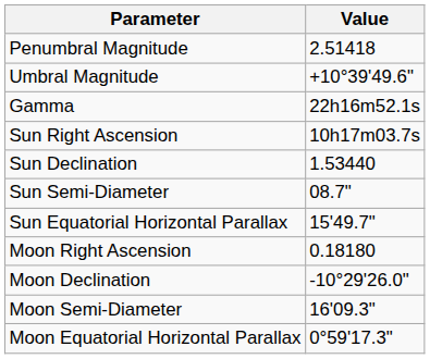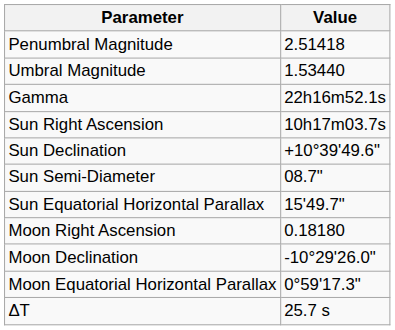 <table class="wikitable">
 <tr>
 <th>Parameter</th>
 <th>Value</th>
 </tr>
 <tr>
 <td>Penumbral Magnitude</td>
 <td>2.51418</td>
 </tr>
 <tr>
 <td>Umbral Magnitude</td>
-<td>+10°39'49.6"</td>
+<td>1.53440</td>
 </tr>
 <tr>
 <td>Gamma</td>
 <td>22h16m52.1s</td>
 </tr>
 <tr>
 <td>Sun Right Ascension</td>
 <td>10h17m03.7s</td>
 </tr>
 <tr>
 <td>Sun Declination</td>
-<td>1.53440</td>
+<td>+10°39'49.6"</td>
 </tr>
 <tr>
 <td>Sun Semi-Diameter</td>
 <td>08.7"</td>
 </tr>
 <tr>
 <td>Sun Equatorial Horizontal Parallax</td>
 <td>15'49.7"</td>
 </tr>
 <tr>
 <td>Moon Right Ascension</td>
 <td>0.18180</td>
 </tr>
 <tr>
 <td>Moon Declination</td>
 <td>-10°29'26.0"</td>
 </tr>
 <tr>
-<td>Moon Semi-Diameter</td>
-<td>16'09.3"</td>
-</tr>
-<tr>
 <td>Moon Equatorial Horizontal Parallax</td>
 <td>0°59'17.3"</td>
 </tr>
+<tr>
+<td>ΔT</td>
+<td>25.7 s</td>
+</tr>
 </table>
